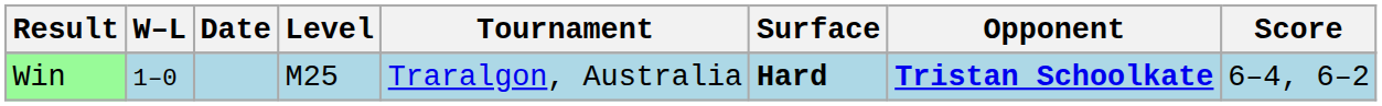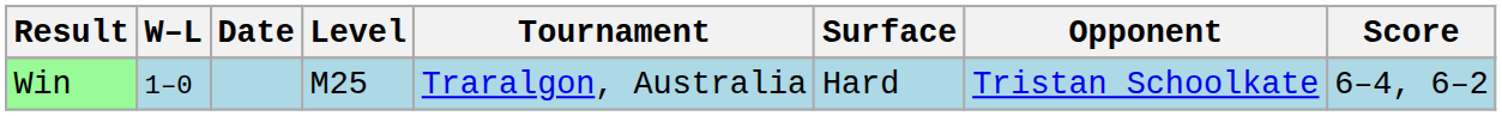 <table class="sortable wikitable">
 <tr>
 <th>Result</th>
 <th class="unsortable">W–L</th>
 <th>Date</th>
 <th>Level</th>
 <th>Tournament</th>
 <th>Surface</th>
 <th>Opponent</th>
 <th class="unsortable">Score</th>
 </tr>
 <tr>
 </tr>
 <tr style="background:lightblue;">
 <td bgcolor=98FB98>Win</td>
 <td><small>1–0</small></td>
 <td></td>
 <td>M25</td>
 <td><a href='#'>Traralgon</a>, Australia</td>
-<td><strong>Hard</strong></td>
-<td><strong> <a href='#'>Tristan Schoolkate</a></strong></td>
+<td>Hard</td>
+<td> <a href='#'>Tristan Schoolkate</a></td>
 <td>6–4, 6–2</td>
 </tr>
 </table>
